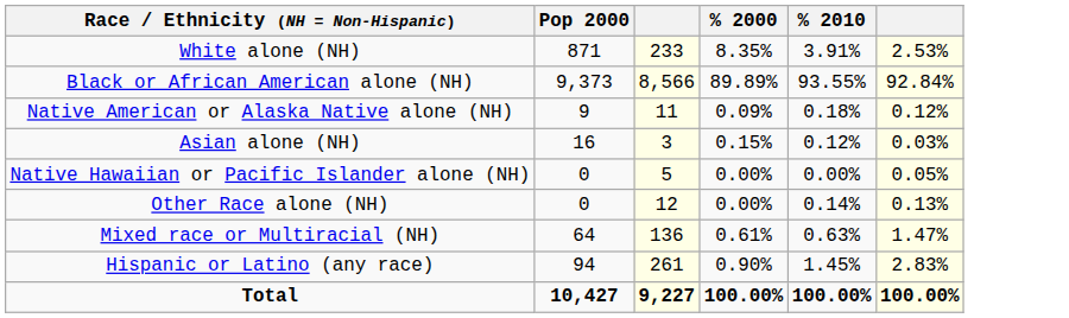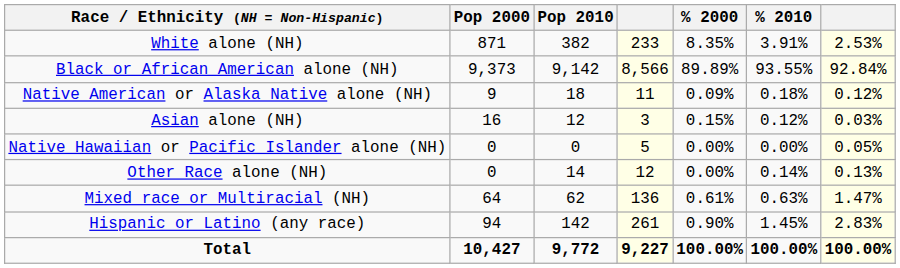 <table class="wikitable" style="text-align:center;">
 <tr>
 <th>Race / Ethnicity <small>(<em>NH = Non-Hispanic</em>)</small></th>
 <th>Pop 2000</th>
+<th>Pop 2010</th>
 <th></th>
 <th>% 2000</th>
 <th>% 2010</th>
 <th></th>
 </tr>
 <tr>
 <td><a href='#'>White</a> alone (NH)</td>
 <td>871</td>
+<td>382</td>
 <td style='background: #ffffe6;'>233</td>
 <td>8.35%</td>
 <td>3.91%</td>
 <td style='background: #ffffe6;'>2.53%</td>
 </tr>
 <tr>
 <td><a href='#'>Black or African American</a> alone (NH)</td>
 <td>9,373</td>
+<td>9,142</td>
 <td style='background: #ffffe6;'>8,566</td>
 <td>89.89%</td>
 <td>93.55%</td>
 <td style='background: #ffffe6;'>92.84%</td>
 </tr>
 <tr>
 <td><a href='#'>Native American</a> or <a href='#'>Alaska Native</a> alone (NH)</td>
 <td>9</td>
+<td>18</td>
 <td style='background: #ffffe6;'>11</td>
 <td>0.09%</td>
 <td>0.18%</td>
 <td style='background: #ffffe6;'>0.12%</td>
 </tr>
 <tr>
 <td><a href='#'>Asian</a> alone (NH)</td>
 <td>16</td>
+<td>12</td>
 <td style='background: #ffffe6;'>3</td>
 <td>0.15%</td>
 <td>0.12%</td>
 <td style='background: #ffffe6;'>0.03%</td>
 </tr>
 <tr>
 <td><a href='#'>Native Hawaiian</a> or <a href='#'>Pacific Islander</a> alone (NH)</td>
+<td>0</td>
 <td>0</td>
 <td style='background: #ffffe6;'>5</td>
 <td>0.00%</td>
 <td>0.00%</td>
 <td style='background: #ffffe6;'>0.05%</td>
 </tr>
 <tr>
 <td><a href='#'>Other Race</a> alone (NH)</td>
 <td>0</td>
+<td>14</td>
 <td style='background: #ffffe6;'>12</td>
 <td>0.00%</td>
 <td>0.14%</td>
 <td style='background: #ffffe6;'>0.13%</td>
 </tr>
 <tr>
 <td><a href='#'>Mixed race or Multiracial</a> (NH)</td>
 <td>64</td>
+<td>62</td>
 <td style='background: #ffffe6;'>136</td>
 <td>0.61%</td>
 <td>0.63%</td>
 <td style='background: #ffffe6;'>1.47%</td>
 </tr>
 <tr>
 <td><a href='#'>Hispanic or Latino</a> (any race)</td>
 <td>94</td>
+<td>142</td>
 <td style='background: #ffffe6;'>261</td>
 <td>0.90%</td>
 <td>1.45%</td>
 <td style='background: #ffffe6;'>2.83%</td>
 </tr>
 <tr>
 <td><strong>Total</strong></td>
 <td><strong>10,427</strong></td>
+<td><strong>9,772</strong></td>
 <td style='background: #ffffe6;'><strong>9,227</strong></td>
 <td><strong>100.00%</strong></td>
 <td><strong>100.00%</strong></td>
 <td style='background: #ffffe6;'><strong>100.00%</strong></td>
 </tr>
 </table>
